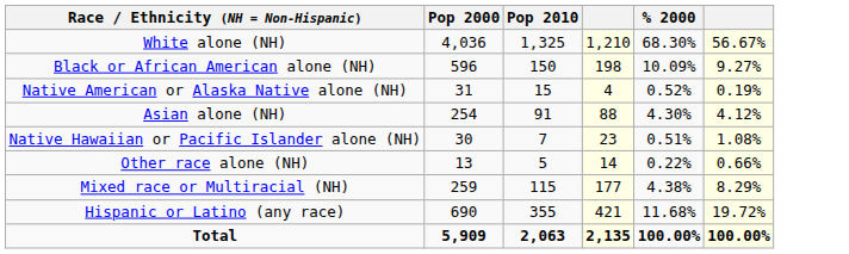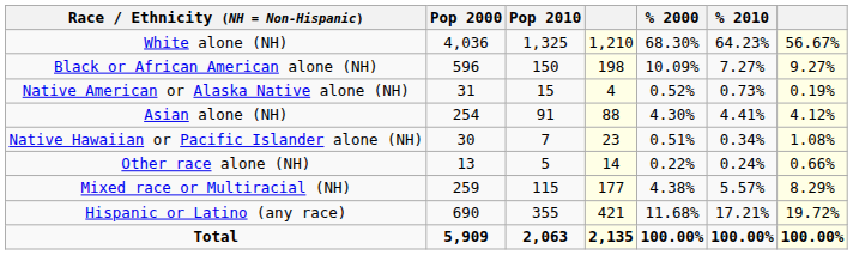 <table class="wikitable" style="text-align:center;">
 <tr>
 <th>Race / Ethnicity <small>(<em>NH = Non-Hispanic</em>)</small></th>
 <th>Pop 2000</th>
 <th>Pop 2010</th>
 <th></th>
 <th>% 2000</th>
+<th>% 2010</th>
 <th></th>
 </tr>
 <tr>
 <td><a href='#'>White</a> alone (NH)</td>
 <td>4,036</td>
 <td>1,325</td>
 <td style='background: #ffffe6;'>1,210</td>
 <td>68.30%</td>
+<td>64.23%</td>
 <td style='background: #ffffe6;'>56.67%</td>
 </tr>
 <tr>
 <td><a href='#'>Black or African American</a> alone (NH)</td>
 <td>596</td>
 <td>150</td>
 <td style='background: #ffffe6;'>198</td>
 <td>10.09%</td>
+<td>7.27%</td>
 <td style='background: #ffffe6;'>9.27%</td>
 </tr>
 <tr>
 <td><a href='#'>Native American</a> or <a href='#'>Alaska Native</a> alone (NH)</td>
 <td>31</td>
 <td>15</td>
 <td style='background: #ffffe6;'>4</td>
 <td>0.52%</td>
+<td>0.73%</td>
 <td style='background: #ffffe6;'>0.19%</td>
 </tr>
 <tr>
 <td><a href='#'>Asian</a> alone (NH)</td>
 <td>254</td>
 <td>91</td>
 <td style='background: #ffffe6;'>88</td>
 <td>4.30%</td>
+<td>4.41%</td>
 <td style='background: #ffffe6;'>4.12%</td>
 </tr>
 <tr>
 <td><a href='#'>Native Hawaiian</a> or <a href='#'>Pacific Islander</a> alone (NH)</td>
 <td>30</td>
 <td>7</td>
 <td style='background: #ffffe6;'>23</td>
 <td>0.51%</td>
+<td>0.34%</td>
 <td style='background: #ffffe6;'>1.08%</td>
 </tr>
 <tr>
 <td><a href='#'>Other race</a> alone (NH)</td>
 <td>13</td>
 <td>5</td>
 <td style='background: #ffffe6;'>14</td>
 <td>0.22%</td>
+<td>0.24%</td>
 <td style='background: #ffffe6;'>0.66%</td>
 </tr>
 <tr>
 <td><a href='#'>Mixed race or Multiracial</a> (NH)</td>
 <td>259</td>
 <td>115</td>
 <td style='background: #ffffe6;'>177</td>
 <td>4.38%</td>
+<td>5.57%</td>
 <td style='background: #ffffe6;'>8.29%</td>
 </tr>
 <tr>
 <td><a href='#'>Hispanic or Latino</a> (any race)</td>
 <td>690</td>
 <td>355</td>
 <td style='background: #ffffe6;'>421</td>
 <td>11.68%</td>
+<td>17.21%</td>
 <td style='background: #ffffe6;'>19.72%</td>
 </tr>
 <tr>
 <td><strong>Total</strong></td>
 <td><strong>5,909</strong></td>
 <td><strong>2,063</strong></td>
 <td style='background: #ffffe6;'><strong>2,135</strong></td>
 <td><strong>100.00%</strong></td>
+<td><strong>100.00%</strong></td>
 <td style='background: #ffffe6;'><strong>100.00%</strong></td>
 </tr>
 </table>
